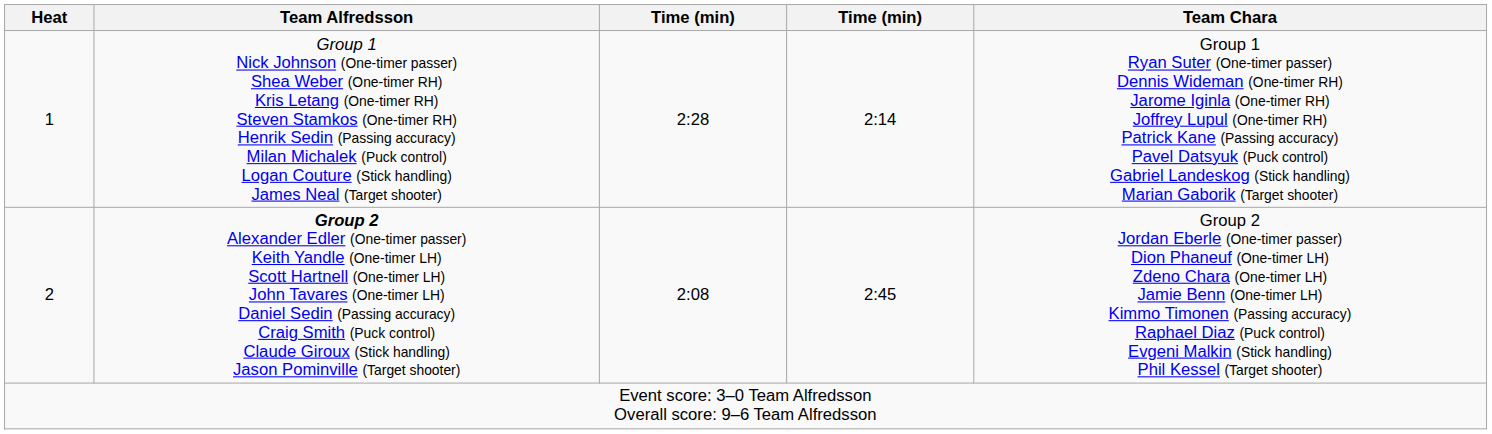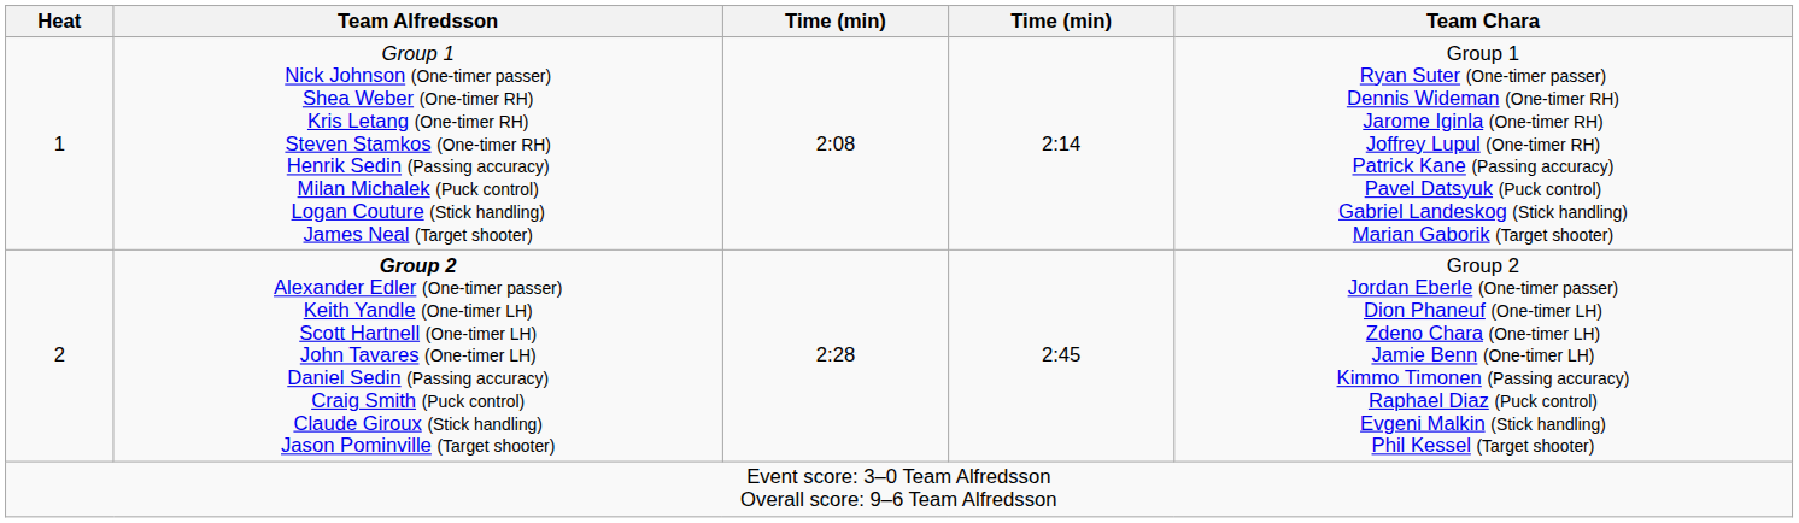 <table width="90%" class="wikitable">
 <tr align="center">
 <th>Heat</th>
 <th>Team Alfredsson</th>
 <th>Time (min)</th>
 <th>Time (min)</th>
 <th>Team Chara</th>
 </tr>
 <tr align="center">
 <td>1</td>
 <td><em>Group 1</em><br><a href='#'>Nick Johnson</a> <small>(One-timer passer)</small><br><a href='#'>Shea Weber</a> <small>(One-timer RH)</small><br><a href='#'>Kris Letang</a> <small>(One-timer RH)</small><br><a href='#'>Steven Stamkos</a> <small>(One-timer RH)</small><br><a href='#'>Henrik Sedin</a> <small>(Passing accuracy)</small><br><a href='#'>Milan Michalek</a> <small>(Puck control)</small><br><a href='#'>Logan Couture</a> <small>(Stick handling)</small><br><a href='#'>James Neal</a> <small>(Target shooter)</small></td>
-<td>2:28</td>
+<td>2:08</td>
 <td>2:14</td>
 <td>Group 1<br><a href='#'>Ryan Suter</a> <small>(One-timer passer)</small><br><a href='#'>Dennis Wideman</a> <small>(One-timer RH)</small><br><a href='#'>Jarome Iginla</a> <small>(One-timer RH)</small><br><a href='#'>Joffrey Lupul</a> <small>(One-timer RH)</small><br><a href='#'>Patrick Kane</a> <small>(Passing accuracy)</small><br><a href='#'>Pavel Datsyuk</a> <small>(Puck control)</small><br><a href='#'>Gabriel Landeskog</a> <small>(Stick handling)</small><br><a href='#'>Marian Gaborik</a> <small>(Target shooter)</small></td>
 </tr>
 <tr align="center">
 <td>2</td>
 <td><strong><em>Group 2</em></strong><br><a href='#'>Alexander Edler</a> <small>(One-timer passer)</small><br><a href='#'>Keith Yandle</a> <small>(One-timer LH)</small><br><a href='#'>Scott Hartnell</a> <small>(One-timer LH)</small><br><a href='#'>John Tavares</a> <small>(One-timer LH)</small><br><a href='#'>Daniel Sedin</a> <small>(Passing accuracy)</small><br> <a href='#'>Craig Smith</a> <small>(Puck control)</small><br> <a href='#'>Claude Giroux</a> <small>(Stick handling)</small><br> <a href='#'>Jason Pominville</a> <small>(Target shooter)</small></td>
-<td>2:08</td>
+<td>2:28</td>
 <td>2:45</td>
 <td>Group 2<br><a href='#'>Jordan Eberle</a> <small>(One-timer passer)</small><br><a href='#'>Dion Phaneuf</a> <small>(One-timer LH)</small><br><a href='#'>Zdeno Chara</a> <small>(One-timer LH)</small><br> <a href='#'>Jamie Benn</a> <small>(One-timer LH)</small><br><a href='#'>Kimmo Timonen</a> <small>(Passing accuracy)</small> <br> <a href='#'>Raphael Diaz</a> <small>(Puck control)</small><br><a href='#'>Evgeni Malkin</a> <small>(Stick handling)</small> <br> <a href='#'>Phil Kessel</a> <small>(Target shooter)</small></td>
 </tr>
 <tr align="center">
 <td colspan="5">Event score: 3–0 Team Alfredsson<br> Overall score: 9–6 Team Alfredsson</td>
 </tr>
 </table>
